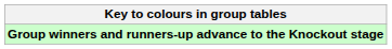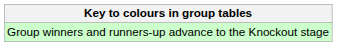 <table class="wikitable">
 <tr>
 <th>Key to colours in group tables</th>
 </tr>
 <tr bgcolor=#ccffcc>
-<td><strong>Group winners and runners-up advance to the Knockout stage</strong></td>
+<td>Group winners and runners-up advance to the Knockout stage</td>
 </tr>
 </table>
